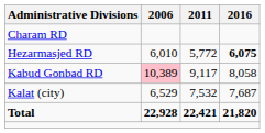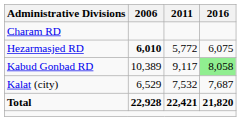 <table class="wikitable">
 <tr>
 <th>Administrative Divisions</th>
 <th>2006</th>
 <th>2011</th>
 <th>2016</th>
 </tr>
 <tr>
 <td><a href='#'>Charam RD</a></td>
 <td style="text-align: right;"></td>
 <td style="text-align: right;"></td>
 <td style="text-align: right;"></td>
 </tr>
 <tr>
 <td><a href='#'>Hezarmasjed RD</a></td>
-<td style="text-align: right;">6,010</td>
+<td style="text-align: right;"><strong>6,010</strong></td>
 <td style="text-align: right;">5,772</td>
-<td style="text-align: right;"><strong>6,075</strong></td>
+<td style="text-align: right;">6,075</td>
 </tr>
 <tr>
 <td><a href='#'>Kabud Gonbad RD</a></td>
-<td style="background: pink; text-align: right;">10,389</td>
+<td style="text-align: right;">10,389</td>
 <td style="text-align: right;">9,117</td>
-<td style="text-align: right;">8,058</td>
+<td style="background: lightgreen; text-align: right;">8,058</td>
 </tr>
 <tr>
 <td><a href='#'>Kalat</a> (city)</td>
 <td style="text-align: right;">6,529</td>
 <td style="text-align: right;">7,532</td>
 <td style="text-align: right;">7,687</td>
 </tr>
 <tr>
 <td><strong>Total</strong></td>
 <td style="text-align: right;"><strong>22,928</strong></td>
 <td style="text-align: right;"><strong>22,421</strong></td>
 <td style="text-align: right;"><strong>21,820</strong></td>
 </tr>
 <tr>
 <td colspan=4></td>
 </tr>
 </table>
